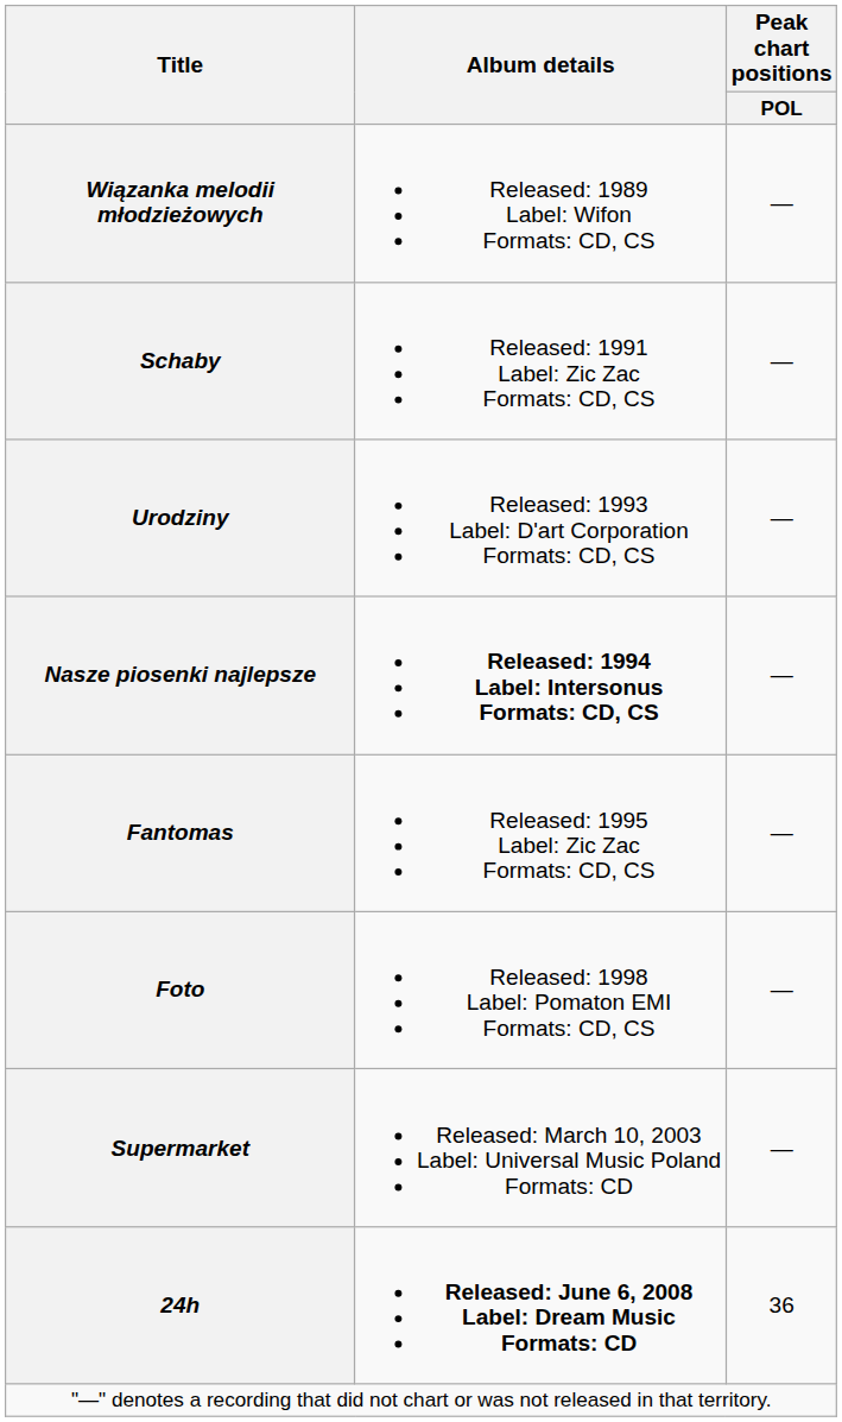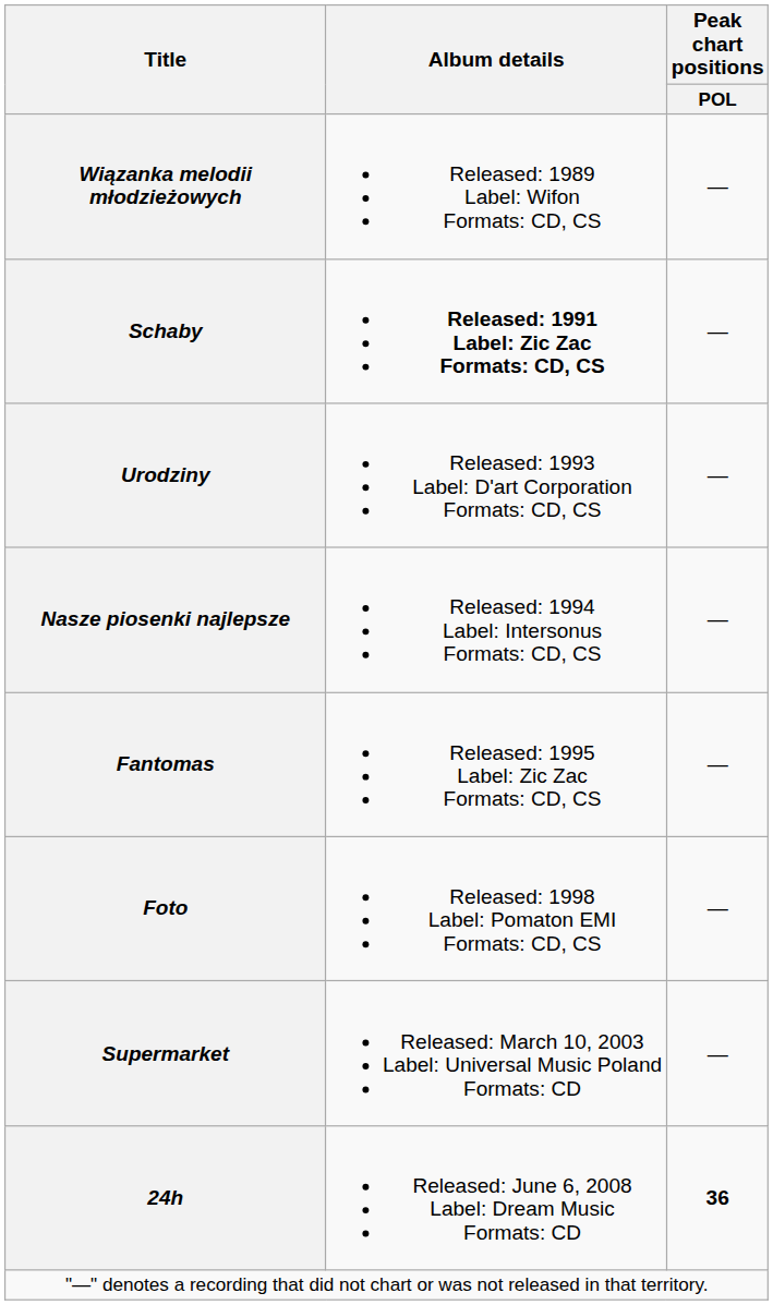 <table class="wikitable plainrowheaders" style="text-align:center;">
 <tr>
 <th scope="col" rowspan="2" style="width:15em;">Title</th>
 <th scope="col" rowspan="2">Album details</th>
 <th scope="col" colspan="1">Peak chart positions</th>
 </tr>
 <tr>
 <th scope="col" style="width:3em;font-size:90%;">POL<br></th>
 </tr>
 <tr>
 <th scope="row"><em>Wiązanka melodii młodzieżowych</em></th>
 <td><br><ul><li>Released: 1989</li><li>Label: Wifon</li><li>Formats: CD, CS</li></ul></td>
 <td>—</td>
 </tr>
 <tr>
 <th scope="row"><em>Schaby</em></th>
-<td><br><ul><li>Released: 1991</li><li>Label: Zic Zac</li><li>Formats: CD, CS</li></ul></td>
+<td><strong><br><ul><li>Released: 1991</li><li>Label: Zic Zac</li><li>Formats: CD, CS</li></ul></strong></td>
 <td>—</td>
 </tr>
 <tr>
 <th scope="row"><em>Urodziny</em></th>
 <td><br><ul><li>Released: 1993</li><li>Label: D'art Corporation</li><li>Formats: CD, CS</li></ul></td>
 <td>—</td>
 </tr>
 <tr>
 <th scope="row"><em>Nasze piosenki najlepsze</em></th>
-<td><strong><br><ul><li>Released: 1994</li><li>Label: Intersonus</li><li>Formats: CD, CS</li></ul></strong></td>
+<td><br><ul><li>Released: 1994</li><li>Label: Intersonus</li><li>Formats: CD, CS</li></ul></td>
 <td>—</td>
 </tr>
 <tr>
 <th scope="row"><em>Fantomas</em></th>
 <td><br><ul><li>Released: 1995</li><li>Label: Zic Zac</li><li>Formats: CD, CS</li></ul></td>
 <td>—</td>
 </tr>
 <tr>
 <th scope="row"><em>Foto</em></th>
 <td><br><ul><li>Released: 1998</li><li>Label: Pomaton EMI</li><li>Formats: CD, CS</li></ul></td>
 <td>—</td>
 </tr>
 <tr>
 <th scope="row"><em>Supermarket</em></th>
 <td><br><ul><li>Released: March 10, 2003</li><li>Label: Universal Music Poland</li><li>Formats: CD</li></ul></td>
 <td>—</td>
 </tr>
 <tr>
 <th scope="row"><em>24h</em></th>
-<td><strong><br><ul><li>Released: June 6, 2008</li><li>Label: Dream Music</li><li>Formats: CD</li></ul></strong></td>
-<td>36</td>
+<td><br><ul><li>Released: June 6, 2008</li><li>Label: Dream Music</li><li>Formats: CD</li></ul></td>
+<td><strong>36</strong></td>
 </tr>
 <tr>
 <td colspan="20" style="font-size:90%">"—" denotes a recording that did not chart or was not released in that territory.</td>
 </tr>
 </table>
